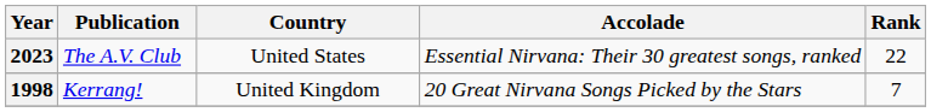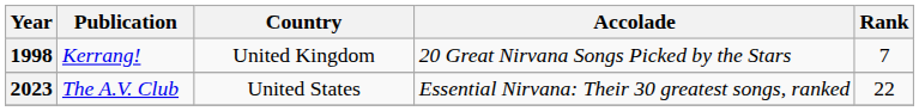 <table class="wikitable plainrowheaders" style="text-align:left;">
 <tr>
 <th scope="col">Year</th>
 <th scope="col" style="width:6em;">Publication</th>
 <th scope="col" style="width:10em;">Country</th>
 <th scope="col">Accolade</th>
 <th scope="col">Rank</th>
+</tr>
+<tr>
+<th scope="row">1998</th>
+<td><em><a href='#'>Kerrang!</a></em></td>
+<td style="text-align:center">United Kingdom</td>
+<td><em>20 Great Nirvana Songs Picked by the Stars</em></td>
+<td style="text-align:center;">7</td>
+</tr>
+<tr>
 </tr>
 <tr>
 <th scope="row">2023</th>
 <td><em><a href='#'>The A.V. Club</a></em></td>
 <td style="text-align:center">United States</td>
 <td><em>Essential Nirvana: Their 30 greatest songs, ranked</em></td>
 <td style="text-align:center;">22</td>
 </tr>
 <tr>
 </tr>
-<tr>
-<th scope="row">1998</th>
-<td><em><a href='#'>Kerrang!</a></em></td>
-<td style="text-align:center">United Kingdom</td>
-<td><em>20 Great Nirvana Songs Picked by the Stars</em></td>
-<td style="text-align:center;">7</td>
-</tr>
-<tr>
-</tr>
 </table>
